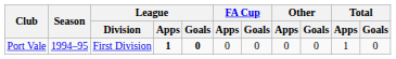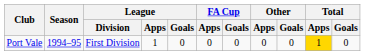 <table class="wikitable" style="text-align:center">
 <tr>
 <th rowspan="2">Club</th>
 <th rowspan="2">Season</th>
 <th colspan="3">League</th>
 <th colspan="2"><a href='#'>FA Cup</a></th>
 <th colspan="2">Other</th>
 <th colspan="2">Total</th>
 </tr>
 <tr>
 <th>Division</th>
 <th>Apps</th>
 <th>Goals</th>
 <th>Apps</th>
 <th>Goals</th>
 <th>Apps</th>
 <th>Goals</th>
 <th>Apps</th>
 <th>Goals</th>
 </tr>
 <tr>
 <td><a href='#'>Port Vale</a></td>
 <td><a href='#'>1994–95</a></td>
 <td><a href='#'>First Division</a></td>
-<td><strong>1</strong></td>
-<td><strong>0</strong></td>
+<td>1</td>
 <td>0</td>
 <td>0</td>
 <td>0</td>
 <td>0</td>
-<td>1</td>
+<td>0</td>
+<td style="background: gold;">1</td>
 <td>0</td>
 </tr>
 </table>
